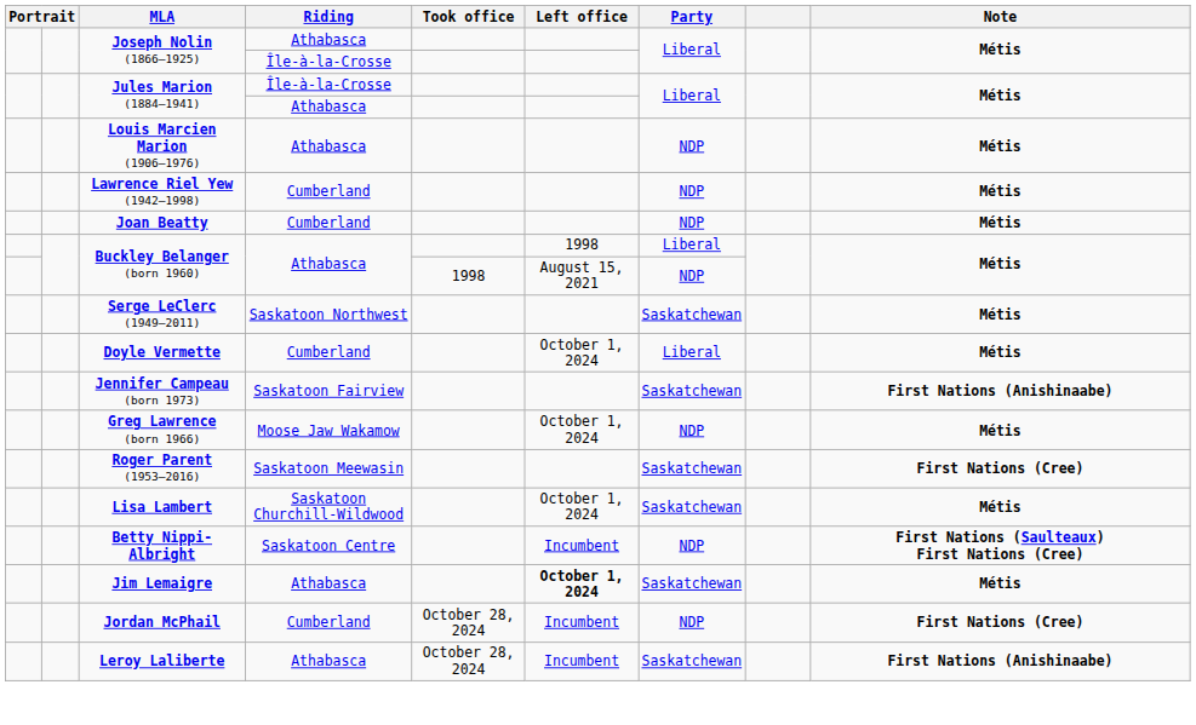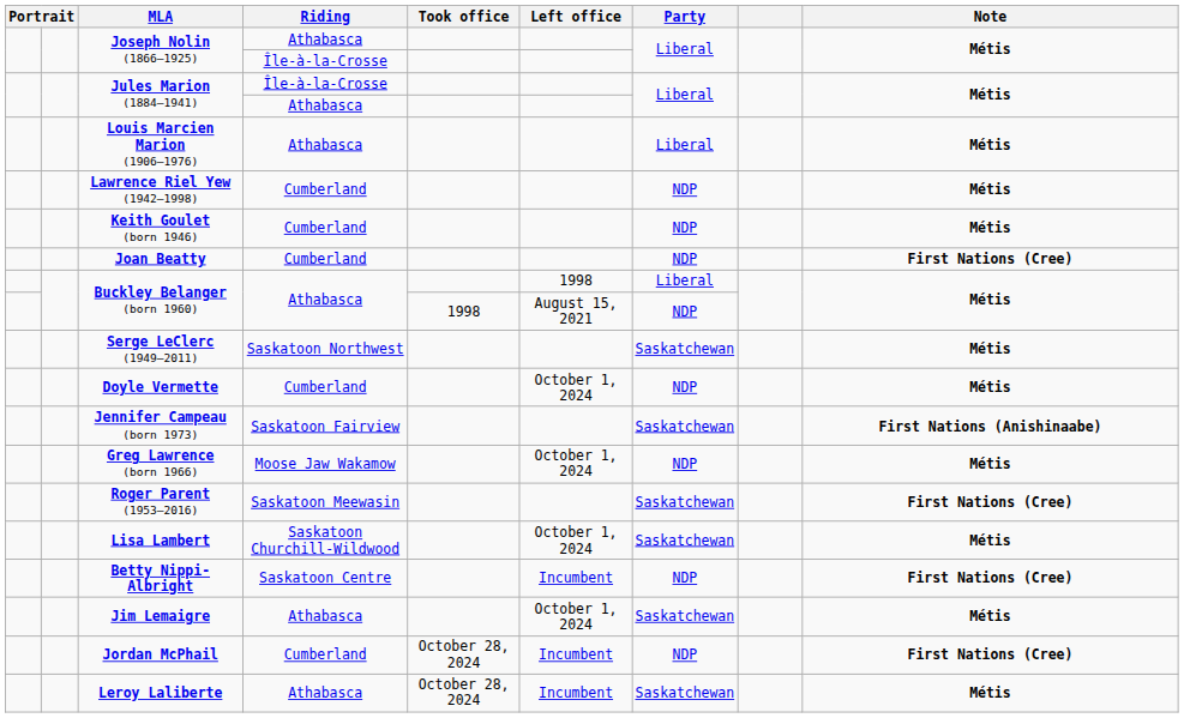 <table class="wikitable sortable plainrowheaders" style="text-align: center;">
 <tr>
 <th colspan="2" class=unsortable>Portrait</th>
 <th class="unsortable" style="width:150px;"><a href='#'>MLA</a></th>
 <th scope="col" style="width:150px;"><a href='#'>Riding</a></th>
 <th scope="col" style="width:100px;">Took office</th>
 <th scope="col" style="width:100px;">Left office</th>
 <th scope="col" style="width:70px;"><a href='#'>Party</a></th>
 <th scope="col" class="unsortable" style="width:55px;"></th>
 <th scope="col" class="unsortable" style="width:350px;">Note</th>
 </tr>
 <tr>
 <td rowspan="2" style="background:"></td>
 <td rowspan="2"></td>
 <td rowspan="2"><strong><a href='#'>Joseph Nolin</a></strong><br><small>(1866–1925)</small></td>
 <td><a href='#'>Athabasca</a></td>
 <td></td>
 <td></td>
 <td rowspan="2"><a href='#'>Liberal</a></td>
 <td rowspan="2"></td>
 <td rowspan="2"><strong>Métis</strong></td>
 </tr>
 <tr>
 <td><a href='#'>Île-à-la-Crosse</a></td>
 <td></td>
 <td></td>
 </tr>
 <tr>
 <td rowspan="2" style="background:"></td>
 <td rowspan="2"></td>
 <td rowspan="2"><strong><a href='#'>Jules Marion</a></strong><br><small>(1884–1941)</small></td>
 <td><a href='#'>Île-à-la-Crosse</a></td>
 <td></td>
 <td></td>
 <td rowspan="2"><a href='#'>Liberal</a></td>
 <td rowspan="2"></td>
 <td rowspan="2"><strong>Métis</strong></td>
 </tr>
 <tr>
 <td><a href='#'>Athabasca</a></td>
 <td></td>
 <td></td>
 </tr>
 <tr>
 <td rowspan="1" style="background:"></td>
 <td></td>
 <td><strong><a href='#'>Louis Marcien Marion</a></strong><br><small>(1906–1976)</small></td>
 <td><a href='#'>Athabasca</a></td>
 <td></td>
 <td></td>
-<td><a href='#'>NDP</a></td>
+<td><a href='#'>Liberal</a></td>
 <td></td>
 <td><strong>Métis</strong></td>
 </tr>
 <tr>
 <td rowspan="1" style="background:"></td>
 <td></td>
 <td><strong><a href='#'>Lawrence Riel Yew</a></strong><br><small>(1942–1998)</small></td>
 <td><a href='#'>Cumberland</a></td>
 <td></td>
 <td></td>
 <td><a href='#'>NDP</a></td>
 <td></td>
 <td><strong>Métis</strong></td>
 </tr>
 <tr>
 <td rowspan="1" style="background:"></td>
 <td></td>
+<td><strong><a href='#'>Keith Goulet</a></strong><br><small>(born 1946)</small></td>
+<td><a href='#'>Cumberland</a></td>
+<td></td>
+<td></td>
+<td><a href='#'>NDP</a></td>
+<td></td>
+<td><strong>Métis</strong></td>
+</tr>
+<tr>
+<td rowspan="1" style="background:"></td>
+<td></td>
 <td><strong><a href='#'>Joan Beatty</a></strong></td>
 <td><a href='#'>Cumberland</a></td>
 <td></td>
 <td></td>
 <td><a href='#'>NDP</a></td>
 <td></td>
-<td><strong>Métis</strong></td>
+<td><strong>First Nations (Cree)</strong></td>
 </tr>
 <tr>
 <td rowspan="1" style="background:"></td>
 <td rowspan="2"></td>
 <td rowspan="2"><strong><a href='#'>Buckley Belanger</a></strong><br><small>(born 1960)</small></td>
 <td rowspan="2"><a href='#'>Athabasca</a></td>
 <td></td>
 <td>1998</td>
 <td><a href='#'>Liberal</a></td>
 <td rowspan="2"></td>
 <td rowspan="2"><strong>Métis</strong></td>
 </tr>
 <tr>
 <td rowspan="1" style="background:"></td>
 <td>1998</td>
 <td>August 15, 2021</td>
 <td><a href='#'>NDP</a></td>
 </tr>
 <tr>
 <td rowspan="1" style="background:"></td>
 <td></td>
 <td><strong><a href='#'>Serge LeClerc</a></strong><br><small>(1949–2011)</small></td>
 <td><a href='#'>Saskatoon Northwest</a></td>
 <td></td>
 <td></td>
 <td><a href='#'>Saskatchewan</a></td>
 <td></td>
 <td><strong>Métis</strong></td>
 </tr>
 <tr>
 <td rowspan="1" style="background:"></td>
 <td></td>
 <td><strong><a href='#'>Doyle Vermette</a></strong></td>
 <td><a href='#'>Cumberland</a></td>
 <td></td>
 <td>October 1, 2024</td>
-<td><a href='#'>Liberal</a></td>
+<td><a href='#'>NDP</a></td>
 <td></td>
 <td><strong>Métis</strong></td>
 </tr>
 <tr>
 <td rowspan="1" style="background:"></td>
 <td></td>
 <td><strong><a href='#'>Jennifer Campeau</a></strong><br><small>(born 1973)</small></td>
 <td><a href='#'>Saskatoon Fairview</a></td>
 <td></td>
 <td></td>
 <td><a href='#'>Saskatchewan</a></td>
 <td></td>
 <td><strong>First Nations (Anishinaabe)</strong></td>
 </tr>
 <tr>
 <td rowspan="1" style="background:"></td>
 <td></td>
 <td><strong><a href='#'>Greg Lawrence</a></strong><br><small>(born 1966)</small></td>
 <td><a href='#'>Moose Jaw Wakamow</a></td>
 <td></td>
 <td>October 1, 2024</td>
 <td><a href='#'>NDP</a></td>
 <td></td>
 <td><strong>Métis</strong></td>
 </tr>
 <tr>
 <td rowspan="1" style="background:"></td>
 <td></td>
 <td><strong><a href='#'>Roger Parent</a></strong><br><small>(1953–2016)</small></td>
 <td><a href='#'>Saskatoon Meewasin</a></td>
 <td></td>
 <td></td>
 <td><a href='#'>Saskatchewan</a></td>
 <td></td>
 <td><strong>First Nations (Cree)</strong></td>
 </tr>
 <tr>
 <td rowspan="1" style="background:"></td>
 <td></td>
 <td><strong><a href='#'>Lisa Lambert</a></strong></td>
 <td><a href='#'>Saskatoon Churchill-Wildwood</a></td>
 <td></td>
 <td>October 1, 2024</td>
 <td><a href='#'>Saskatchewan</a></td>
 <td></td>
 <td><strong>Métis</strong></td>
 </tr>
 <tr>
 <td rowspan="1" style="background:"></td>
 <td></td>
 <td><strong><a href='#'>Betty Nippi-Albright</a></strong></td>
 <td><a href='#'>Saskatoon Centre</a></td>
 <td></td>
 <td><a href='#'>Incumbent</a></td>
 <td><a href='#'>NDP</a></td>
 <td></td>
-<td><strong>First Nations (<a href='#'>Saulteaux</a>)</strong><br><strong>First Nations (Cree)</strong></td>
+<td><strong>First Nations (Cree)</strong></td>
 </tr>
 <tr>
 <td rowspan="1" style="background:"></td>
 <td></td>
 <td><strong><a href='#'>Jim Lemaigre</a></strong></td>
 <td><a href='#'>Athabasca</a></td>
 <td></td>
-<td><strong>October 1, 2024</strong></td>
+<td>October 1, 2024</td>
 <td><a href='#'>Saskatchewan</a></td>
 <td></td>
 <td><strong>Métis</strong></td>
 </tr>
 <tr>
 <td rowspan="1" style="background:"></td>
 <td></td>
 <td><strong><a href='#'>Jordan McPhail</a></strong></td>
 <td><a href='#'>Cumberland</a></td>
 <td>October 28, 2024</td>
 <td><a href='#'>Incumbent</a></td>
 <td><a href='#'>NDP</a></td>
 <td></td>
 <td><strong>First Nations (Cree)</strong></td>
 </tr>
 <tr>
 <td rowspan="1" style="background:"></td>
 <td></td>
 <td><strong><a href='#'>Leroy Laliberte</a></strong></td>
 <td><a href='#'>Athabasca</a></td>
 <td>October 28, 2024</td>
 <td><a href='#'>Incumbent</a></td>
 <td><a href='#'>Saskatchewan</a></td>
 <td></td>
-<td><strong>First Nations (Anishinaabe)</strong></td>
+<td><strong>Métis</strong></td>
 </tr>
 </table>
